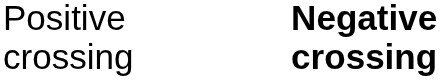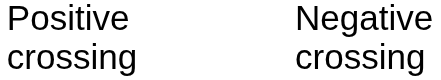 <table style="margin:1em auto;">
 <tr>
 <td></td>
 <td width="64px;"></td>
 <td></td>
 </tr>
 <tr>
 <td>Positive<br>crossing</td>
 <td></td>
-<td><strong>Negative<br>crossing</strong></td>
+<td>Negative<br>crossing</td>
 </tr>
 </table>
